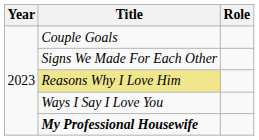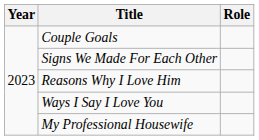 <table class="wikitable">
 <tr>
 <th>Year</th>
 <th>Title</th>
 <th>Role</th>
 </tr>
 <tr>
 <td rowspan="5">2023</td>
 <td><em>Couple Goals</em></td>
 <td></td>
 </tr>
 <tr>
 <td><em>Signs We Made For Each Other</em></td>
 <td></td>
 </tr>
 <tr>
-<td style="background: khaki;"><em>Reasons Why I Love Him</em></td>
+<td><em>Reasons Why I Love Him</em></td>
 <td></td>
 </tr>
 <tr>
 <td><em>Ways I Say I Love You</em></td>
 <td></td>
 </tr>
 <tr>
-<td><strong><em>My Professional Housewife</em></strong></td>
+<td><em>My Professional Housewife</em></td>
 <td></td>
 </tr>
 </table>
